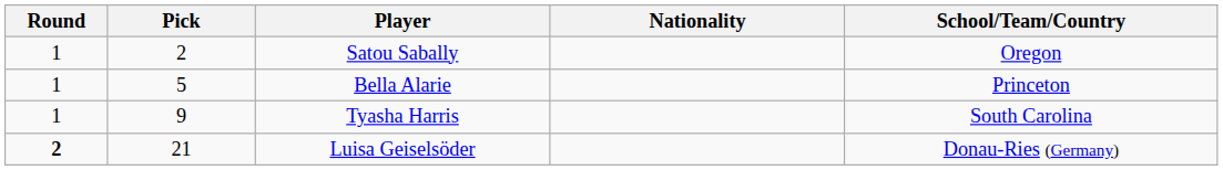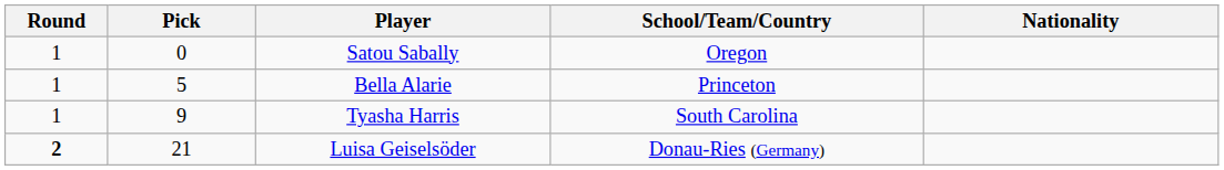 <table class="wikitable" style="text-align:center; width:60em">
 <tr>
 <th width="2%">Round</th>
 <th width="5%">Pick</th>
 <th width="10%">Player</th>
+<th width="10%">School/Team/Country</th>
 <th width="10%">Nationality</th>
-<th width="10%">School/Team/Country</th>
 </tr>
 <tr>
 <td>1</td>
-<td>2</td>
+<td>0</td>
 <td><a href='#'>Satou Sabally</a></td>
+<td><a href='#'>Oregon</a></td>
 <td></td>
-<td><a href='#'>Oregon</a></td>
 </tr>
 <tr>
 <td>1</td>
 <td>5</td>
 <td><a href='#'>Bella Alarie</a></td>
+<td><a href='#'>Princeton</a></td>
 <td></td>
-<td><a href='#'>Princeton</a></td>
 </tr>
 <tr>
 <td>1</td>
 <td>9</td>
 <td><a href='#'>Tyasha Harris</a></td>
+<td><a href='#'>South Carolina</a></td>
 <td></td>
-<td><a href='#'>South Carolina</a></td>
 </tr>
 <tr>
 <td><strong>2</strong></td>
 <td>21</td>
 <td><a href='#'>Luisa Geiselsöder</a></td>
+<td><a href='#'>Donau-Ries</a> <small>(<a href='#'>Germany</a>)</small></td>
 <td></td>
-<td><a href='#'>Donau-Ries</a> <small>(<a href='#'>Germany</a>)</small></td>
 </tr>
 </table>
